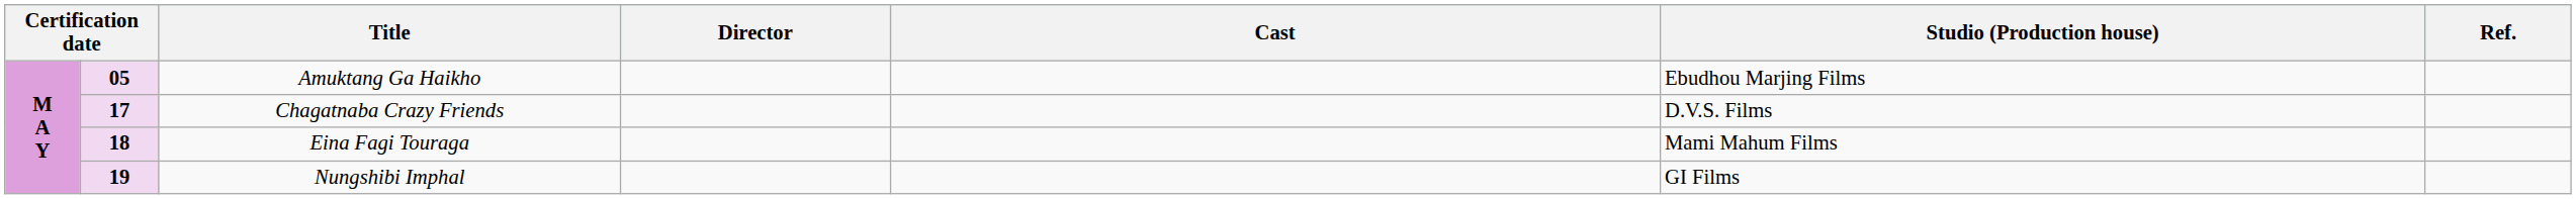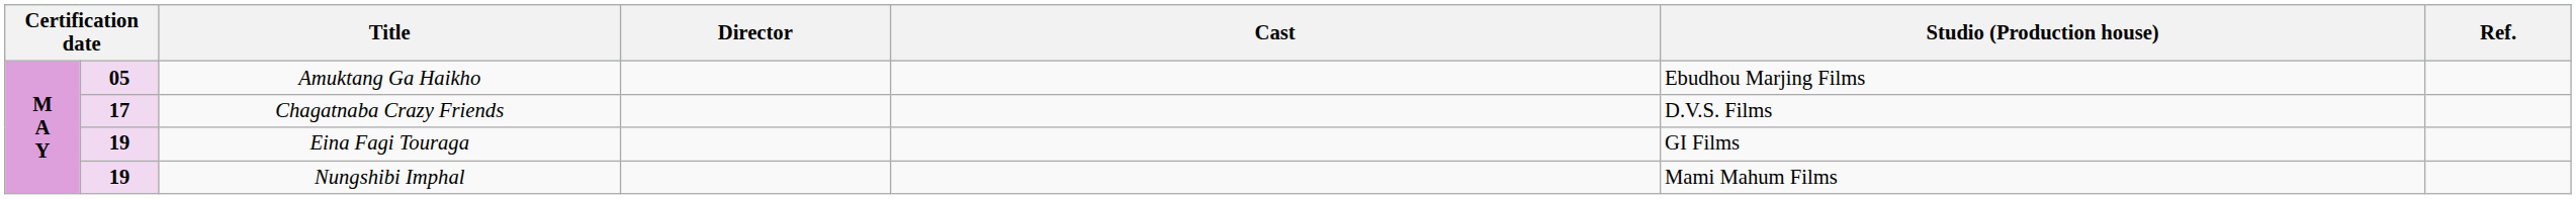 <table class="wikitable">
 <tr style="background:#b0e0e6; text-align:center;">
 <th colspan="2" style="width:6%;"><strong>Certification date</strong></th>
 <th style="width:18%;"><strong>Title</strong></th>
 <th style="width:10.5%;"><strong>Director</strong></th>
 <th style="width:30%;"><strong>Cast</strong></th>
 <th><strong>Studio (Production house)</strong></th>
 <th>Ref.</th>
 </tr>
 <tr May>
 <td rowspan="4" style="text-align:center; background:plum; textcolor:#000;"><strong>M<br>A<br>Y</strong></td>
 <td rowspan="1" style="text-align:center;background:#f1daf1;"><strong>05</strong></td>
 <td style="text-align:center;"><em>Amuktang Ga Haikho</em></td>
 <td></td>
 <td></td>
 <td>Ebudhou Marjing Films</td>
 <td></td>
 </tr>
 <tr>
 <td rowspan="1" style="text-align:center;background:#f1daf1;"><strong>17</strong></td>
 <td style="text-align:center;"><em>Chagatnaba Crazy Friends</em></td>
 <td></td>
 <td></td>
 <td>D.V.S. Films</td>
 <td></td>
 </tr>
 <tr>
-<td rowspan="1" style="text-align:center;background:#f1daf1;"><strong>18</strong></td>
+<td rowspan="1" style="text-align:center;background:#f1daf1;"><strong>19</strong></td>
 <td style="text-align:center;"><em>Eina Fagi Touraga</em></td>
 <td></td>
 <td></td>
-<td>Mami Mahum Films</td>
+<td>GI Films</td>
 <td></td>
 </tr>
 <tr>
 <td rowspan="1" style="text-align:center;background:#f1daf1;"><strong>19</strong></td>
 <td style="text-align:center;"><em>Nungshibi Imphal</em></td>
 <td></td>
 <td></td>
-<td>GI Films</td>
+<td>Mami Mahum Films</td>
 <td></td>
 </tr>
 </table>
